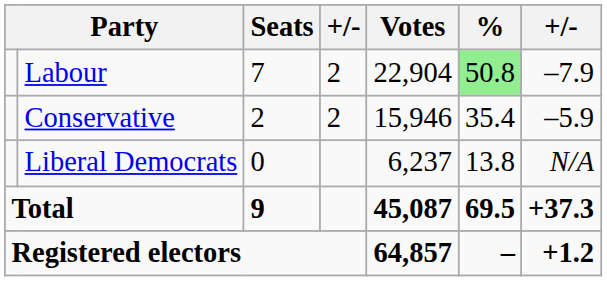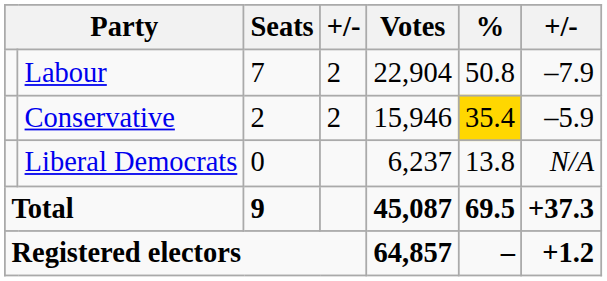 <table class="wikitable sortable">
 <tr>
 <th colspan="2">Party</th>
 <th>Seats</th>
 <th>+/-</th>
 <th>Votes</th>
 <th>%</th>
 <th>+/-</th>
 </tr>
 <tr>
 <td style="background-color: "></td>
 <td><a href='#'>Labour</a></td>
 <td>7</td>
 <td> 2</td>
 <td style="text-align:right;">22,904</td>
-<td style="background: lightgreen; text-align:right;">50.8</td>
+<td style="text-align:right;">50.8</td>
 <td style="text-align:right;">–7.9</td>
 </tr>
 <tr>
 <td style="background-color: "></td>
 <td><a href='#'>Conservative</a></td>
 <td>2</td>
 <td> 2</td>
 <td style="text-align:right;">15,946</td>
-<td style="text-align:right;">35.4</td>
+<td style="background: gold; text-align:right;">35.4</td>
 <td style="text-align:right;">–5.9</td>
 </tr>
 <tr>
 <td style="background-color: "></td>
 <td><a href='#'>Liberal Democrats</a></td>
 <td>0</td>
 <td></td>
 <td style="text-align:right;">6,237</td>
 <td style="text-align:right;">13.8</td>
 <td style="text-align:right;"><em>N/A</em></td>
 </tr>
 <tr>
 <td colspan="2"><strong>Total</strong></td>
 <td><strong>9</strong></td>
 <td></td>
 <td style="text-align:right;"><strong>45,087</strong></td>
 <td style="text-align:right;"><strong>69.5</strong></td>
 <td style="text-align:right;"><strong>+37.3</strong></td>
 </tr>
 <tr>
 <td colspan="4"><strong>Registered electors</strong></td>
 <td style="text-align:right;"><strong>64,857</strong></td>
 <td style="text-align:right;"><strong>–</strong></td>
 <td style="text-align:right;"><strong>+1.2</strong></td>
 </tr>
 </table>
